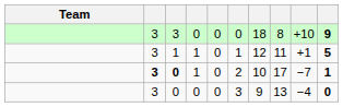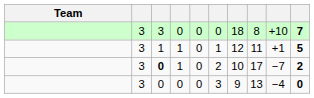 <table class="wikitable" style="text-align: center;">
 <tr>
 <th width="175">Team</th>
 <th width="20"></th>
 <th width="20"></th>
 <th width="20"></th>
 <th width="20"></th>
 <th width="20"></th>
 <th width="20"></th>
 <th width="20"></th>
 <th width="20"></th>
 <th width="20"></th>
 </tr>
 <tr bgcolor=#ccffcc>
 <td align=left></td>
 <td>3</td>
 <td>3</td>
 <td>0</td>
 <td>0</td>
 <td>0</td>
 <td>18</td>
 <td>8</td>
 <td>+10</td>
-<td><strong>9</strong></td>
+<td><strong>7</strong></td>
 </tr>
 <tr>
 <td align=left></td>
 <td>3</td>
 <td>1</td>
 <td>1</td>
 <td>0</td>
 <td>1</td>
 <td>12</td>
 <td>11</td>
 <td>+1</td>
 <td><strong>5</strong></td>
 </tr>
 <tr>
 <td align=left></td>
-<td><strong>3</strong></td>
+<td>3</td>
 <td><strong>0</strong></td>
 <td>1</td>
 <td>0</td>
 <td>2</td>
 <td>10</td>
 <td>17</td>
 <td>−7</td>
-<td><strong>1</strong></td>
+<td><strong>2</strong></td>
 </tr>
 <tr>
 <td align=left></td>
 <td>3</td>
 <td>0</td>
 <td>0</td>
 <td>0</td>
 <td>3</td>
 <td>9</td>
 <td>13</td>
 <td>−4</td>
 <td><strong>0</strong></td>
 </tr>
 </table>
